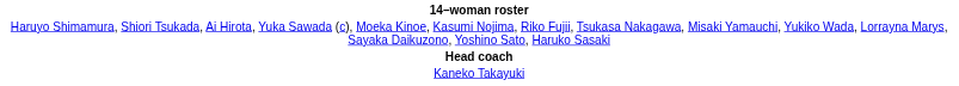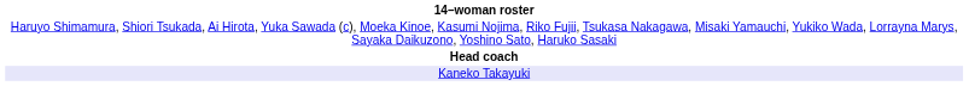 <table style="text-align:center; margin-top:2em; margin-left:auto; margin-right:auto">
 <tr>
 <td><strong>14–woman roster</strong></td>
 </tr>
 <tr>
 <td><a href='#'>Haruyo Shimamura</a>, <a href='#'>Shiori Tsukada</a>, <a href='#'>Ai Hirota</a>, <a href='#'>Yuka Sawada</a> (<a href='#'>c</a>), <a href='#'>Moeka Kinoe</a>, <a href='#'>Kasumi Nojima</a>, <a href='#'>Riko Fujii</a>, <a href='#'>Tsukasa Nakagawa</a>, <a href='#'>Misaki Yamauchi</a>, <a href='#'>Yukiko Wada</a>, <a href='#'>Lorrayna Marys</a>, <a href='#'>Sayaka Daikuzono</a>, <a href='#'>Yoshino Sato</a>, <a href='#'>Haruko Sasaki</a></td>
 </tr>
 <tr>
 <td><strong>Head coach</strong></td>
 </tr>
 <tr>
-<td><a href='#'>Kaneko Takayuki</a></td>
+<td style="background: lavender;"><a href='#'>Kaneko Takayuki</a></td>
 </tr>
 </table>
